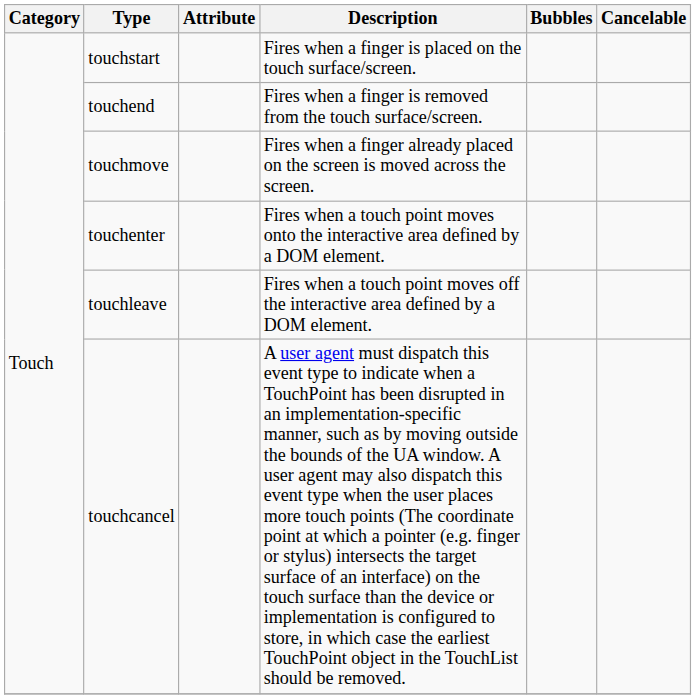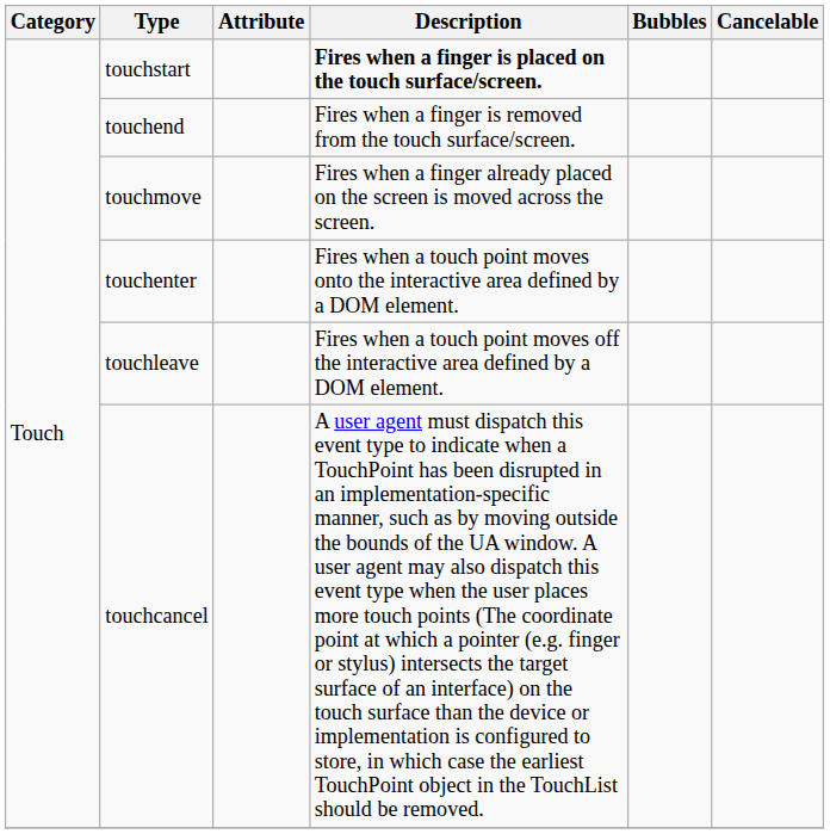 <table class="wikitable">
 <tr>
 <th>Category</th>
 <th>Type</th>
 <th>Attribute</th>
 <th>Description</th>
 <th>Bubbles</th>
 <th>Cancelable</th>
 </tr>
 <tr>
 <td rowspan=6>Touch</td>
 <td>touchstart</td>
 <td></td>
-<td>Fires when a finger is placed on the touch surface/screen.</td>
+<td><strong>Fires when a finger is placed on the touch surface/screen.</strong></td>
 <td></td>
 <td></td>
 </tr>
 <tr>
 <td>touchend</td>
 <td></td>
 <td>Fires when a finger is removed from the touch surface/screen.</td>
 <td></td>
 <td></td>
 </tr>
 <tr>
 <td>touchmove</td>
 <td></td>
 <td>Fires when a finger already placed on the screen is moved across the screen.</td>
 <td></td>
 <td></td>
 </tr>
 <tr>
 <td>touchenter</td>
 <td></td>
 <td>Fires when a touch point moves onto the interactive area defined by a DOM element.</td>
 <td></td>
 <td></td>
 </tr>
 <tr>
 <td>touchleave</td>
 <td></td>
 <td>Fires when a touch point moves off the interactive area defined by a DOM element.</td>
 <td></td>
 <td></td>
 </tr>
 <tr>
 <td>touchcancel</td>
 <td></td>
 <td>A <a href='#'>user agent</a> must dispatch this event type to indicate when a TouchPoint has been disrupted in an implementation-specific manner, such as by moving outside the bounds of the UA window. A user agent may also dispatch this event type when the user places more touch points (The coordinate point at which a pointer (e.g. finger or stylus) intersects the target surface of an interface) on the touch surface than the device or implementation is configured to store, in which case the earliest TouchPoint object in the TouchList should be removed.</td>
 <td></td>
 <td></td>
 </tr>
 <tr>
 </tr>
 </table>
